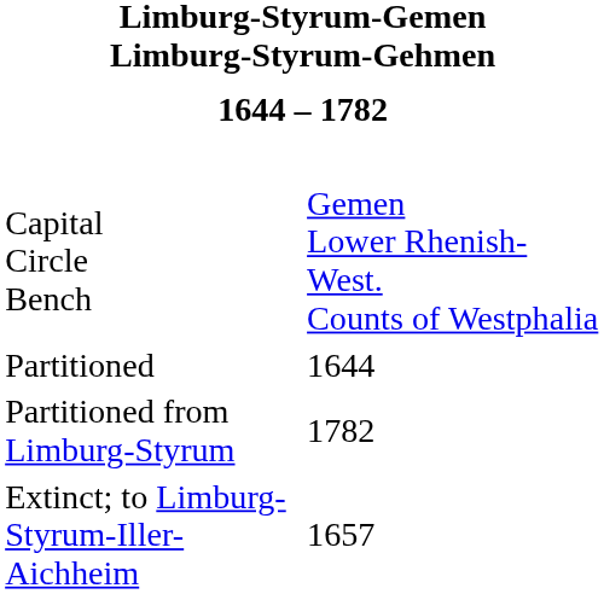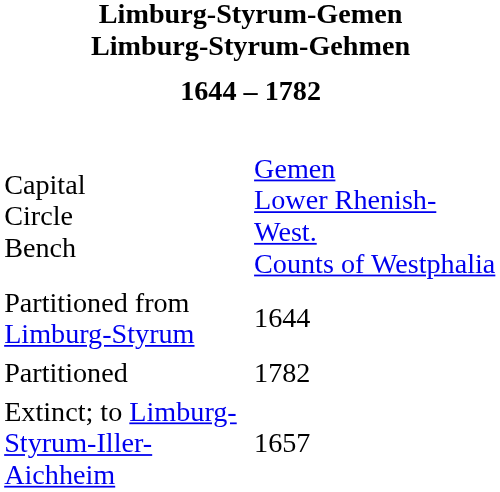 <table align="right" class="toccolours">
 <tr>
 <td colspan=2 align="center"><strong>Limburg-Styrum-Gemen</strong><br><strong>Limburg-Styrum-Gehmen</strong></td>
 </tr>
 <tr>
 <td colspan=2 align="center"></td>
 </tr>
 <tr>
 <td colspan=2 align="center"><strong>1644 – 1782</strong></td>
 </tr>
 <tr>
 <td><br></td>
 </tr>
 <tr>
 <td width=138px>Capital<br>Circle<br>Bench</td>
 <td width=138px><a href='#'>Gemen</a><br><a href='#'>Lower Rhenish-West.</a><br><a href='#'>Counts of Westphalia</a></td>
 </tr>
 <tr>
-<td>Partitioned</td>
+<td>Partitioned from <a href='#'>Limburg-Styrum</a></td>
 <td>1644</td>
 </tr>
 <tr>
-<td>Partitioned from <a href='#'>Limburg-Styrum</a></td>
+<td>Partitioned</td>
 <td>1782</td>
 </tr>
 <tr>
 <td>Extinct; to <a href='#'>Limburg-Styrum-Iller-Aichheim</a></td>
 <td>1657</td>
 </tr>
 <tr>
 </tr>
 </table>
